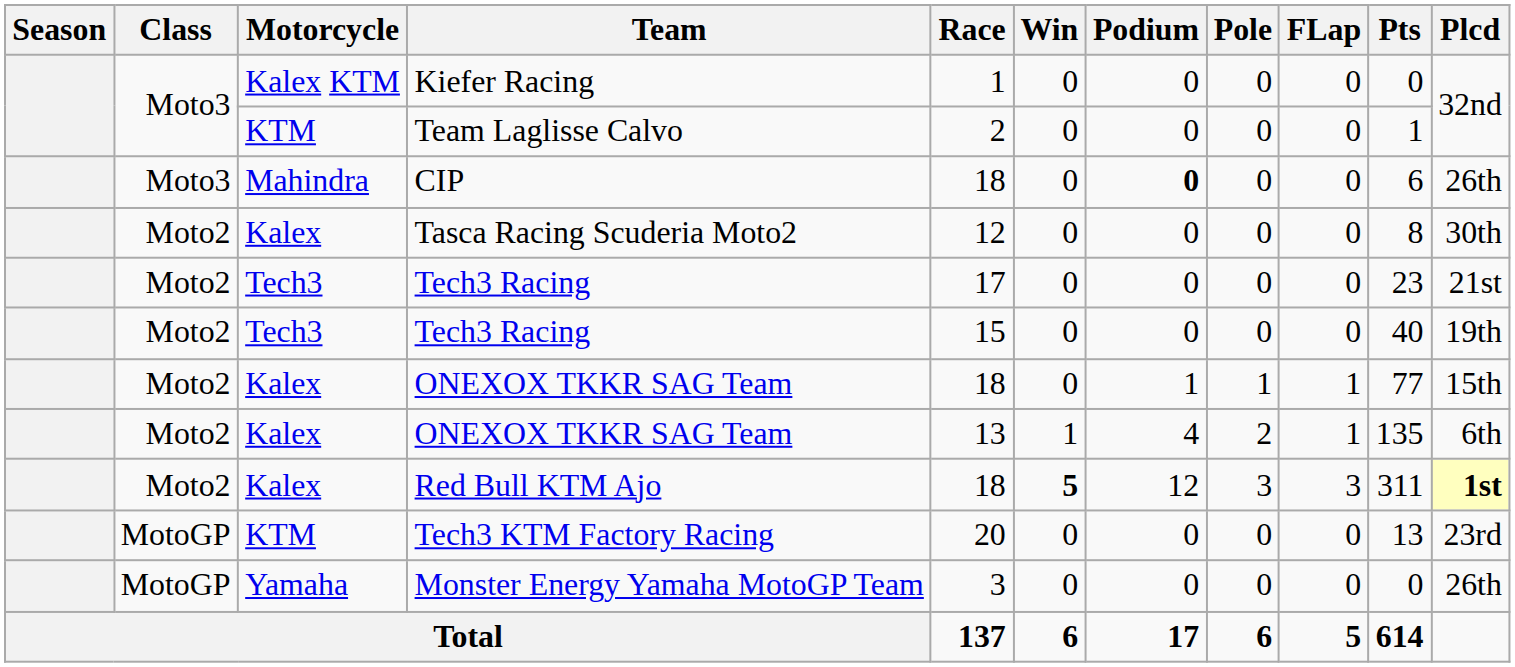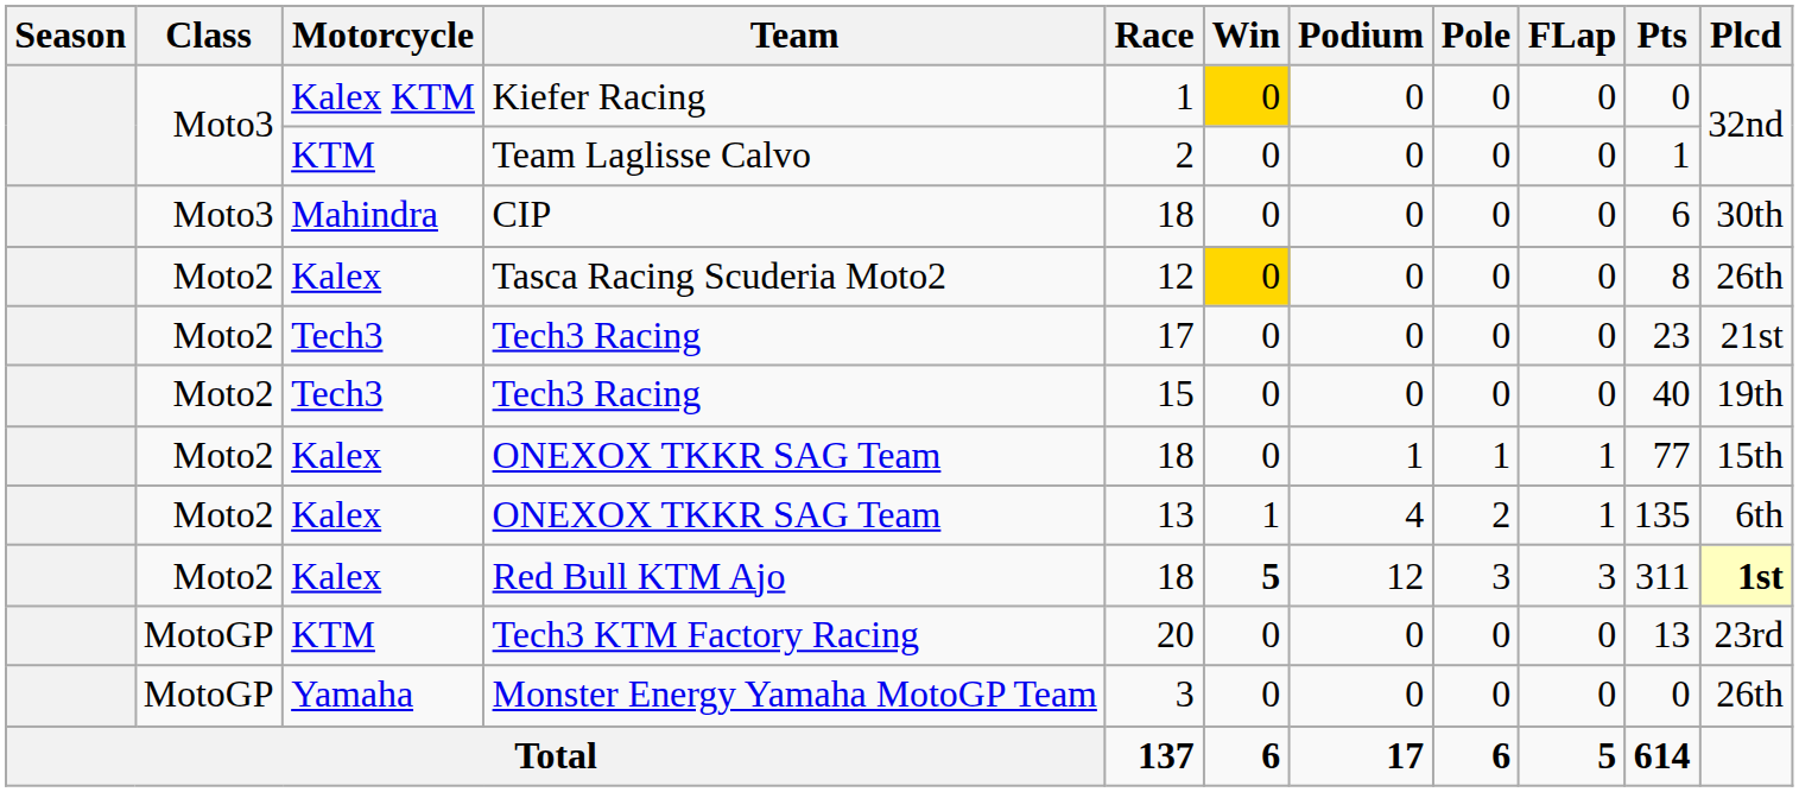 <table class="wikitable" style="text-align:right;">
 <tr>
 <th>Season</th>
 <th>Class</th>
 <th>Motorcycle</th>
 <th>Team</th>
 <th>Race</th>
 <th>Win</th>
 <th>Podium</th>
 <th>Pole</th>
 <th>FLap</th>
 <th>Pts</th>
 <th>Plcd</th>
 </tr>
 <tr>
 <th rowspan="2"></th>
 <td rowspan="2">Moto3</td>
 <td style="text-align:left;"><a href='#'>Kalex</a> <a href='#'>KTM</a></td>
 <td style="text-align:left;">Kiefer Racing</td>
 <td>1</td>
-<td>0</td>
+<td style="background: gold;">0</td>
 <td>0</td>
 <td>0</td>
 <td>0</td>
 <td>0</td>
 <td rowspan="2">32nd</td>
 </tr>
 <tr>
 <td style="text-align:left;"><a href='#'>KTM</a></td>
 <td style="text-align:left;">Team Laglisse Calvo</td>
 <td>2</td>
 <td>0</td>
 <td>0</td>
 <td>0</td>
 <td>0</td>
 <td>1</td>
 </tr>
 <tr>
 <th></th>
 <td>Moto3</td>
 <td style="text-align:left;"><a href='#'>Mahindra</a></td>
 <td style="text-align:left;">CIP</td>
 <td>18</td>
 <td>0</td>
-<td><strong>0</strong></td>
+<td>0</td>
 <td>0</td>
 <td>0</td>
 <td>6</td>
-<td>26th</td>
+<td>30th</td>
 </tr>
 <tr>
 <th></th>
 <td>Moto2</td>
 <td style="text-align:left;"><a href='#'>Kalex</a></td>
 <td style="text-align:left;">Tasca Racing Scuderia Moto2</td>
 <td>12</td>
-<td>0</td>
+<td style="background: gold;">0</td>
 <td>0</td>
 <td>0</td>
 <td>0</td>
 <td>8</td>
-<td>30th</td>
+<td>26th</td>
 </tr>
 <tr>
 <th></th>
 <td>Moto2</td>
 <td style="text-align:left;"><a href='#'>Tech3</a></td>
 <td style="text-align:left;"><a href='#'>Tech3 Racing</a></td>
 <td>17</td>
 <td>0</td>
 <td>0</td>
 <td>0</td>
 <td>0</td>
 <td>23</td>
 <td>21st</td>
 </tr>
 <tr>
 <th></th>
 <td>Moto2</td>
 <td style="text-align:left;"><a href='#'>Tech3</a></td>
 <td style="text-align:left;"><a href='#'>Tech3 Racing</a></td>
 <td>15</td>
 <td>0</td>
 <td>0</td>
 <td>0</td>
 <td>0</td>
 <td>40</td>
 <td>19th</td>
 </tr>
 <tr>
 <th></th>
 <td>Moto2</td>
 <td style="text-align:left;"><a href='#'>Kalex</a></td>
 <td style="text-align:left;"><a href='#'>ONEXOX TKKR SAG Team</a></td>
 <td>18</td>
 <td>0</td>
 <td>1</td>
 <td>1</td>
 <td>1</td>
 <td>77</td>
 <td>15th</td>
 </tr>
 <tr>
 <th></th>
 <td>Moto2</td>
 <td style="text-align:left;"><a href='#'>Kalex</a></td>
 <td style="text-align:left;"><a href='#'>ONEXOX TKKR SAG Team</a></td>
 <td>13</td>
 <td>1</td>
 <td>4</td>
 <td>2</td>
 <td>1</td>
 <td>135</td>
 <td>6th</td>
 </tr>
 <tr>
 <th></th>
 <td>Moto2</td>
 <td style="text-align:left;"><a href='#'>Kalex</a></td>
 <td style="text-align:left;"><a href='#'>Red Bull KTM Ajo</a></td>
 <td>18</td>
 <td><strong>5</strong></td>
 <td>12</td>
 <td>3</td>
 <td>3</td>
 <td>311</td>
 <td style="background:#FFFFBF;"><strong>1st</strong></td>
 </tr>
 <tr>
 <th></th>
 <td>MotoGP</td>
 <td style="text-align:left;"><a href='#'>KTM</a></td>
 <td style="text-align:left;"><a href='#'>Tech3 KTM Factory Racing</a></td>
 <td>20</td>
 <td>0</td>
 <td>0</td>
 <td>0</td>
 <td>0</td>
 <td>13</td>
 <td>23rd</td>
 </tr>
 <tr>
 <th></th>
 <td>MotoGP</td>
 <td style="text-align:left;"><a href='#'>Yamaha</a></td>
 <td style="text-align:left;"><a href='#'>Monster Energy Yamaha MotoGP Team</a></td>
 <td>3</td>
 <td>0</td>
 <td>0</td>
 <td>0</td>
 <td>0</td>
 <td>0</td>
 <td>26th</td>
 </tr>
 <tr>
 <th colspan="4">Total</th>
 <td><strong>137</strong></td>
 <td><strong>6</strong></td>
 <td><strong>17</strong></td>
 <td><strong>6</strong></td>
 <td><strong>5</strong></td>
 <td><strong>614</strong></td>
 <td></td>
 </tr>
 </table>
